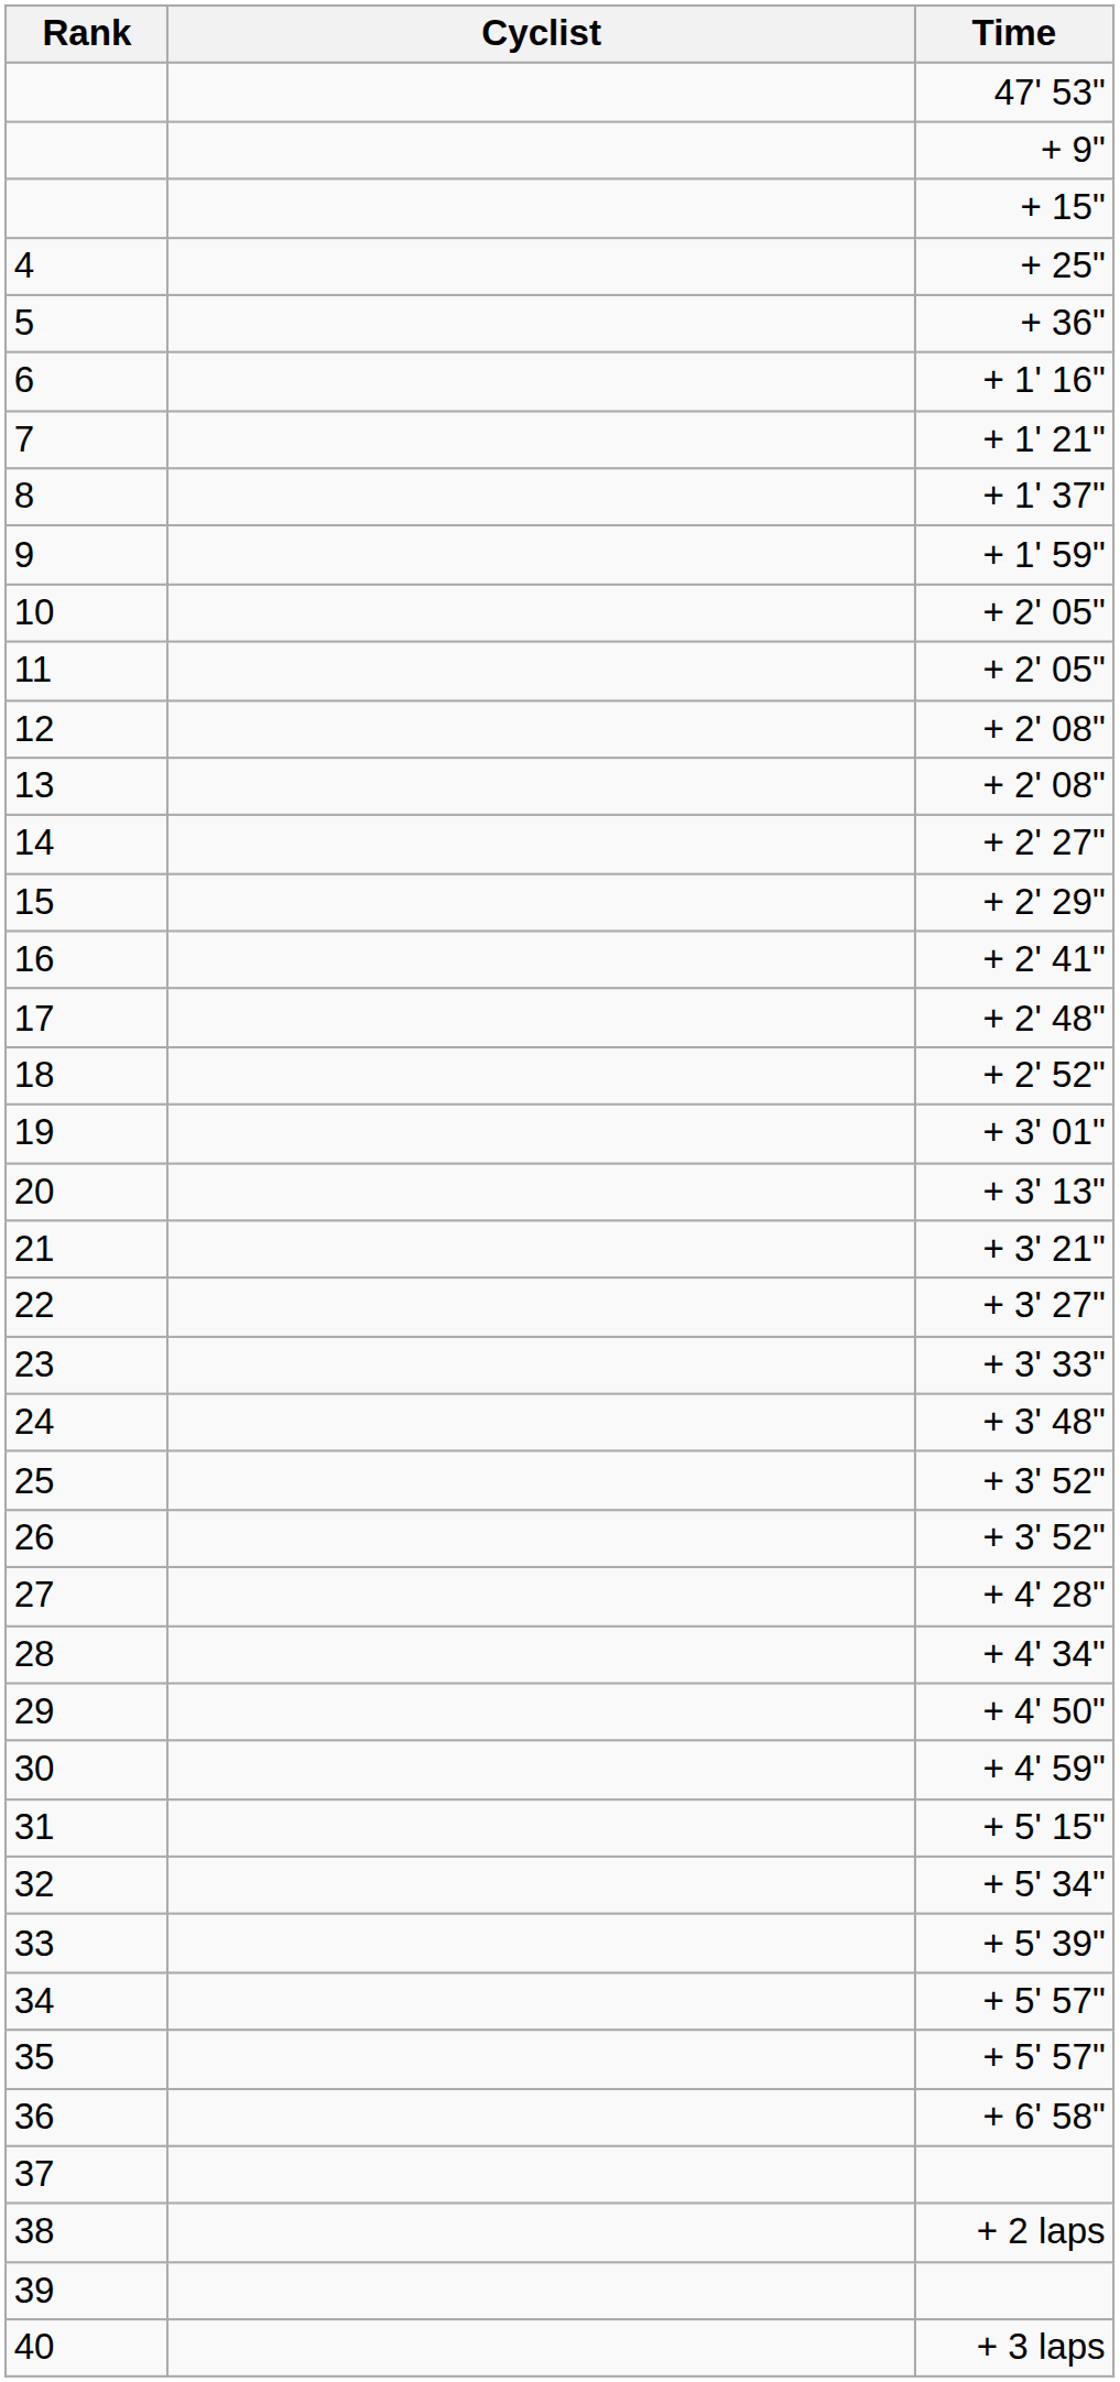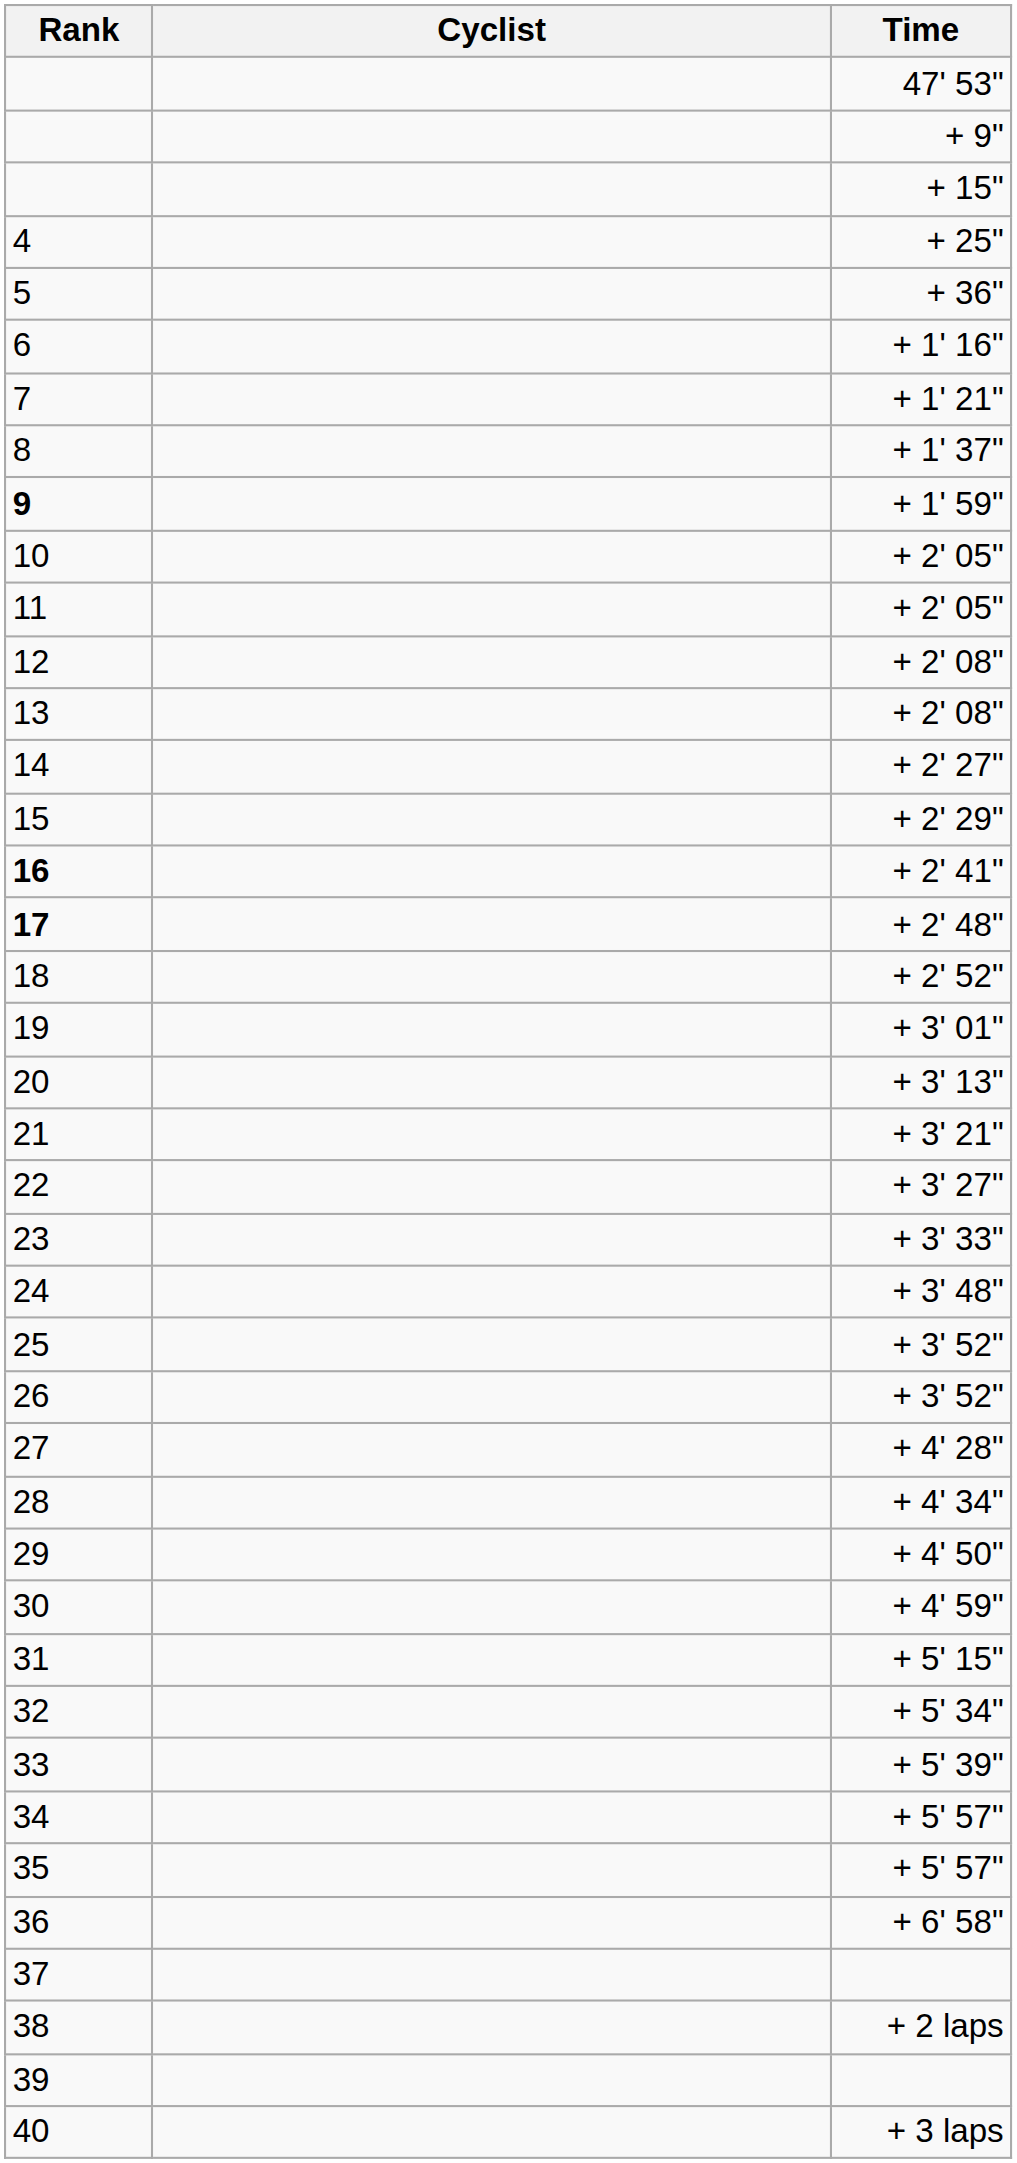 <table class="wikitable">
 <tr>
 <th style="width: 4em;">Rank</th>
 <th style="width: 20em;">Cyclist</th>
 <th style="width: 5em;">Time</th>
 </tr>
 <tr>
 <td></td>
 <td></td>
 <td align="right">47' 53"</td>
 </tr>
 <tr>
 <td></td>
 <td></td>
 <td align="right">+ 9"</td>
 </tr>
 <tr>
 <td></td>
 <td></td>
 <td align="right">+ 15"</td>
 </tr>
 <tr>
 <td>4</td>
 <td><s></s></td>
 <td align="right">+ 25"</td>
 </tr>
 <tr>
 <td>5</td>
 <td></td>
 <td align="right">+ 36"</td>
 </tr>
 <tr>
 <td>6</td>
 <td></td>
 <td align="right">+ 1' 16"</td>
 </tr>
 <tr>
 <td>7</td>
 <td></td>
 <td align="right">+ 1' 21"</td>
 </tr>
 <tr>
 <td>8</td>
 <td></td>
 <td align="right">+ 1' 37"</td>
 </tr>
 <tr>
-<td>9</td>
+<td><strong>9</strong></td>
 <td></td>
 <td align="right">+ 1' 59"</td>
 </tr>
 <tr>
 <td>10</td>
 <td></td>
 <td align="right">+ 2' 05"</td>
 </tr>
 <tr>
 <td>11</td>
 <td></td>
 <td align="right">+ 2' 05"</td>
 </tr>
 <tr>
 <td>12</td>
 <td></td>
 <td align="right">+ 2' 08"</td>
 </tr>
 <tr>
 <td>13</td>
 <td></td>
 <td align="right">+ 2' 08"</td>
 </tr>
 <tr>
 <td>14</td>
 <td></td>
 <td align="right">+ 2' 27"</td>
 </tr>
 <tr>
 <td>15</td>
 <td></td>
 <td align="right">+ 2' 29"</td>
 </tr>
 <tr>
-<td>16</td>
+<td><strong>16</strong></td>
 <td></td>
 <td align="right">+ 2' 41"</td>
 </tr>
 <tr>
-<td>17</td>
+<td><strong>17</strong></td>
 <td></td>
 <td align="right">+ 2' 48"</td>
 </tr>
 <tr>
 <td>18</td>
 <td></td>
 <td align="right">+ 2' 52"</td>
 </tr>
 <tr>
 <td>19</td>
 <td></td>
 <td align="right">+ 3' 01"</td>
 </tr>
 <tr>
 <td>20</td>
 <td></td>
 <td align="right">+ 3' 13"</td>
 </tr>
 <tr>
 <td>21</td>
 <td></td>
 <td align="right">+ 3' 21"</td>
 </tr>
 <tr>
 <td>22</td>
 <td></td>
 <td align="right">+ 3' 27"</td>
 </tr>
 <tr>
 <td>23</td>
 <td></td>
 <td align="right">+ 3' 33"</td>
 </tr>
 <tr>
 <td>24</td>
 <td></td>
 <td align="right">+ 3' 48"</td>
 </tr>
 <tr>
 <td>25</td>
 <td></td>
 <td align="right">+ 3' 52"</td>
 </tr>
 <tr>
 <td>26</td>
 <td></td>
 <td align="right">+ 3' 52"</td>
 </tr>
 <tr>
 <td>27</td>
 <td></td>
 <td align="right">+ 4' 28"</td>
 </tr>
 <tr>
 <td>28</td>
 <td></td>
 <td align="right">+ 4' 34"</td>
 </tr>
 <tr>
 <td>29</td>
 <td></td>
 <td align="right">+ 4' 50"</td>
 </tr>
 <tr>
 <td>30</td>
 <td></td>
 <td align="right">+ 4' 59"</td>
 </tr>
 <tr>
 <td>31</td>
 <td></td>
 <td align="right">+ 5' 15"</td>
 </tr>
 <tr>
 <td>32</td>
 <td></td>
 <td align="right">+ 5' 34"</td>
 </tr>
 <tr>
 <td>33</td>
 <td></td>
 <td align="right">+ 5' 39"</td>
 </tr>
 <tr>
 <td>34</td>
 <td></td>
 <td align="right">+ 5' 57"</td>
 </tr>
 <tr>
 <td>35</td>
 <td></td>
 <td align="right">+ 5' 57"</td>
 </tr>
 <tr>
 <td>36</td>
 <td></td>
 <td align="right">+ 6' 58"</td>
 </tr>
 <tr>
 <td>37</td>
 <td></td>
 <td align="right"></td>
 </tr>
 <tr>
 <td>38</td>
 <td></td>
 <td align="right">+ 2 laps</td>
 </tr>
 <tr>
 <td>39</td>
 <td></td>
 <td align="right"></td>
 </tr>
 <tr>
 <td>40</td>
 <td></td>
 <td align="right">+ 3 laps</td>
 </tr>
 </table>
